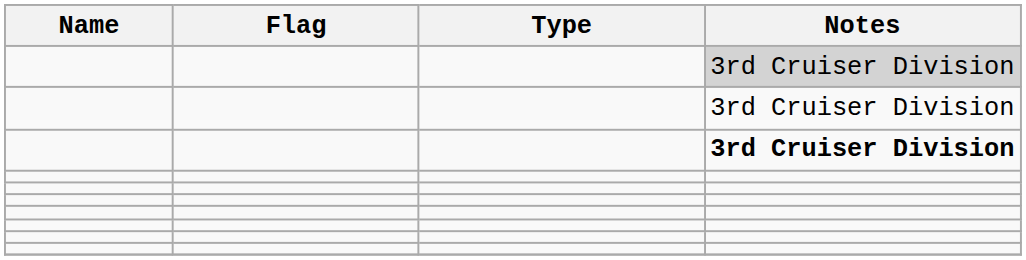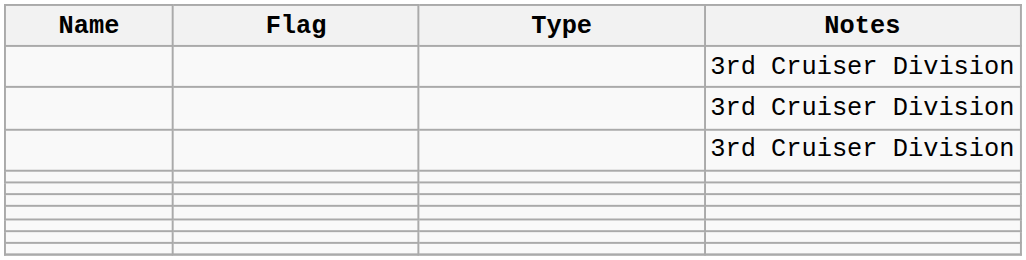 <table class="wikitable sortable">
 <tr>
 <th scope="col" width="80px">Name</th>
 <th scope="col" width="120px">Flag</th>
 <th scope="col" width="140px">Type</th>
 <th>Notes</th>
 </tr>
 <tr>
 <td></td>
 <td></td>
 <td></td>
-<td style="background: lightgrey;">3rd Cruiser Division</td>
+<td>3rd Cruiser Division</td>
 </tr>
 <tr>
 <td></td>
 <td></td>
 <td></td>
 <td>3rd Cruiser Division</td>
 </tr>
 <tr>
 <td></td>
 <td></td>
 <td></td>
-<td><strong>3rd Cruiser Division</strong></td>
+<td>3rd Cruiser Division</td>
 </tr>
 <tr>
 <td></td>
 <td></td>
 <td></td>
 <td></td>
 </tr>
 <tr>
 <td></td>
 <td></td>
 <td></td>
 <td></td>
 </tr>
 <tr>
 <td></td>
 <td></td>
 <td></td>
 <td></td>
 </tr>
 <tr>
 <td></td>
 <td></td>
 <td></td>
 <td></td>
 </tr>
 <tr>
 <td></td>
 <td></td>
 <td></td>
 <td></td>
 </tr>
 <tr>
 <td></td>
 <td></td>
 <td></td>
 <td></td>
 </tr>
 <tr>
 <td></td>
 <td></td>
 <td></td>
 <td></td>
 </tr>
 <tr>
 </tr>
 </table>
